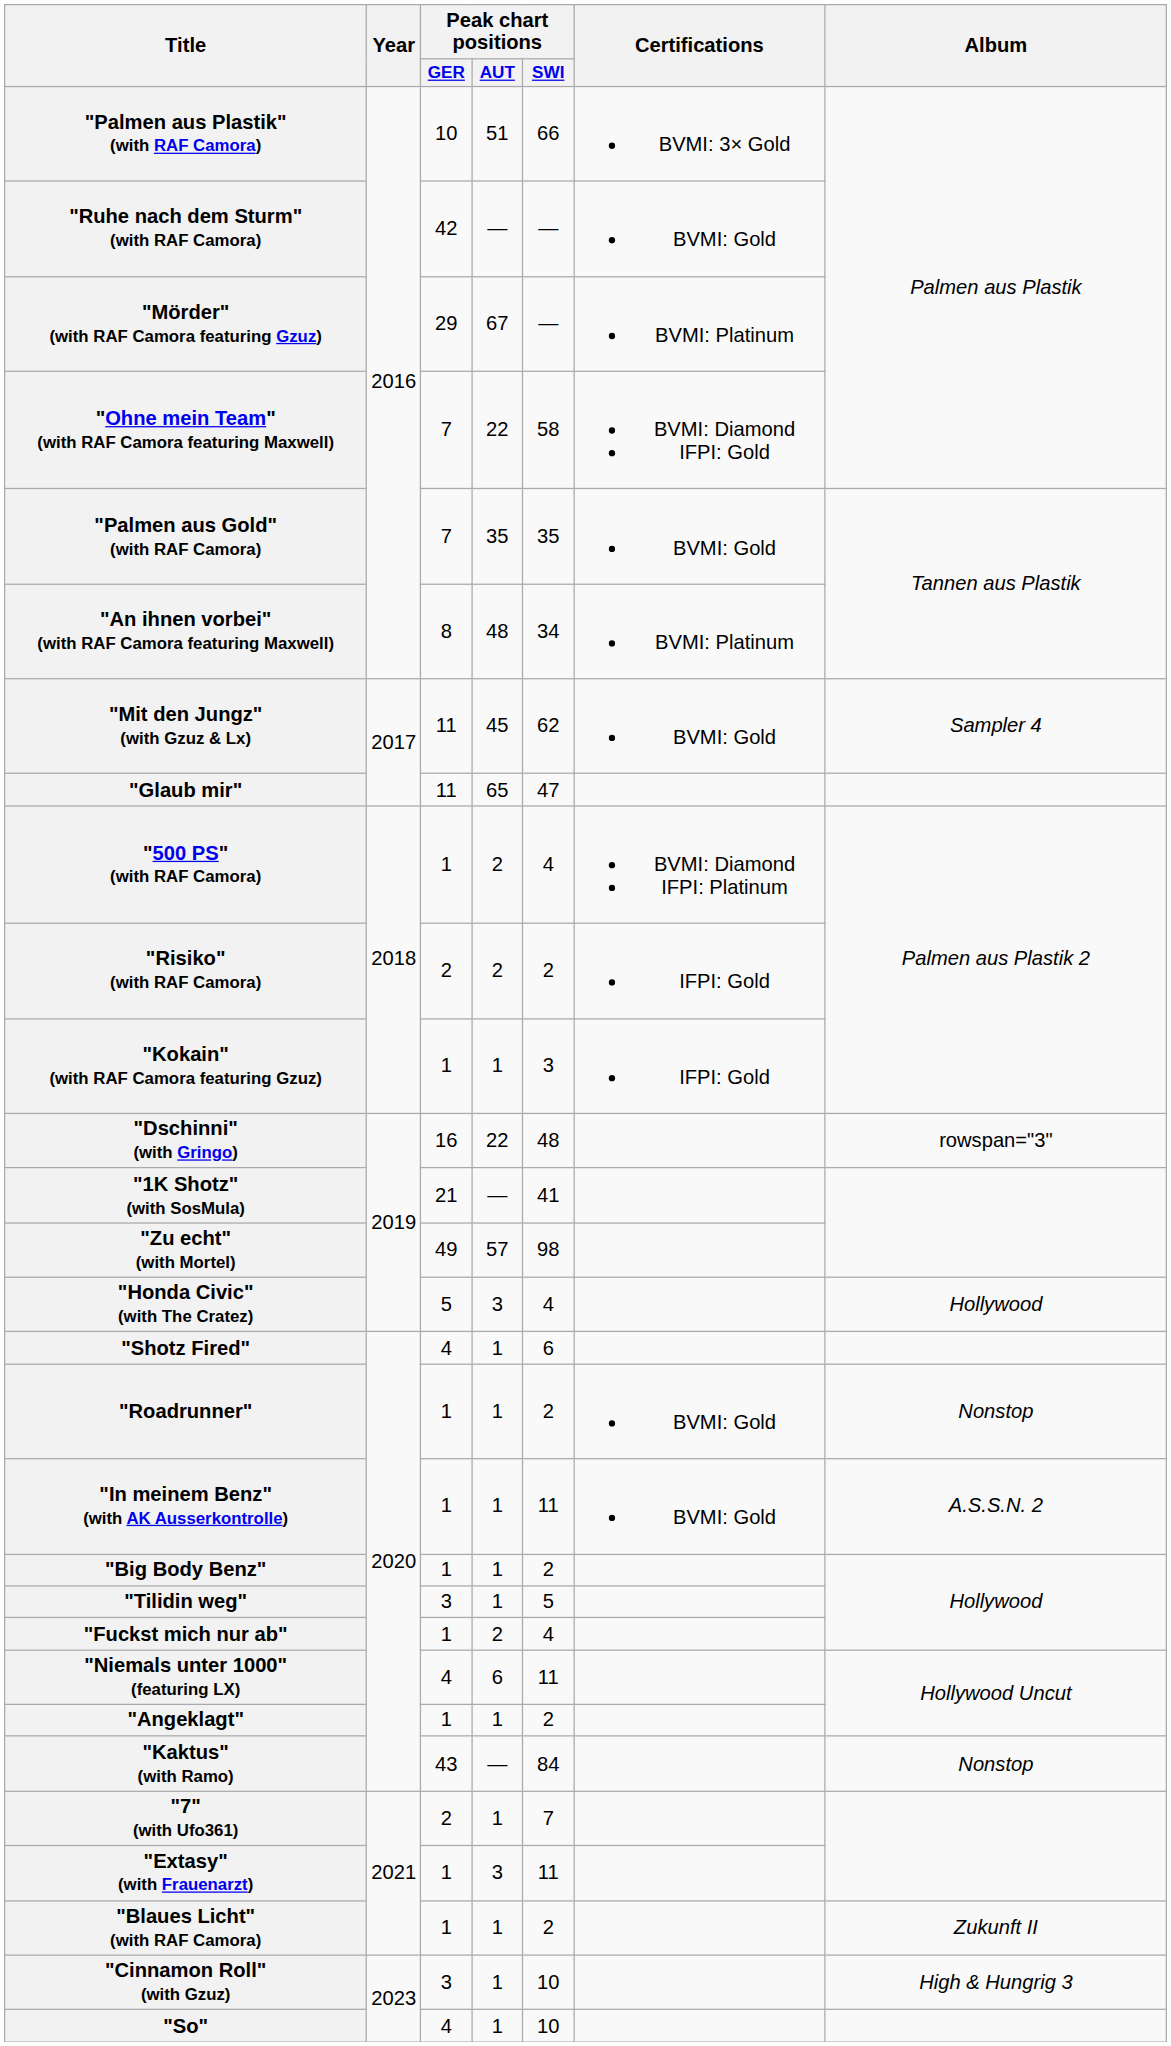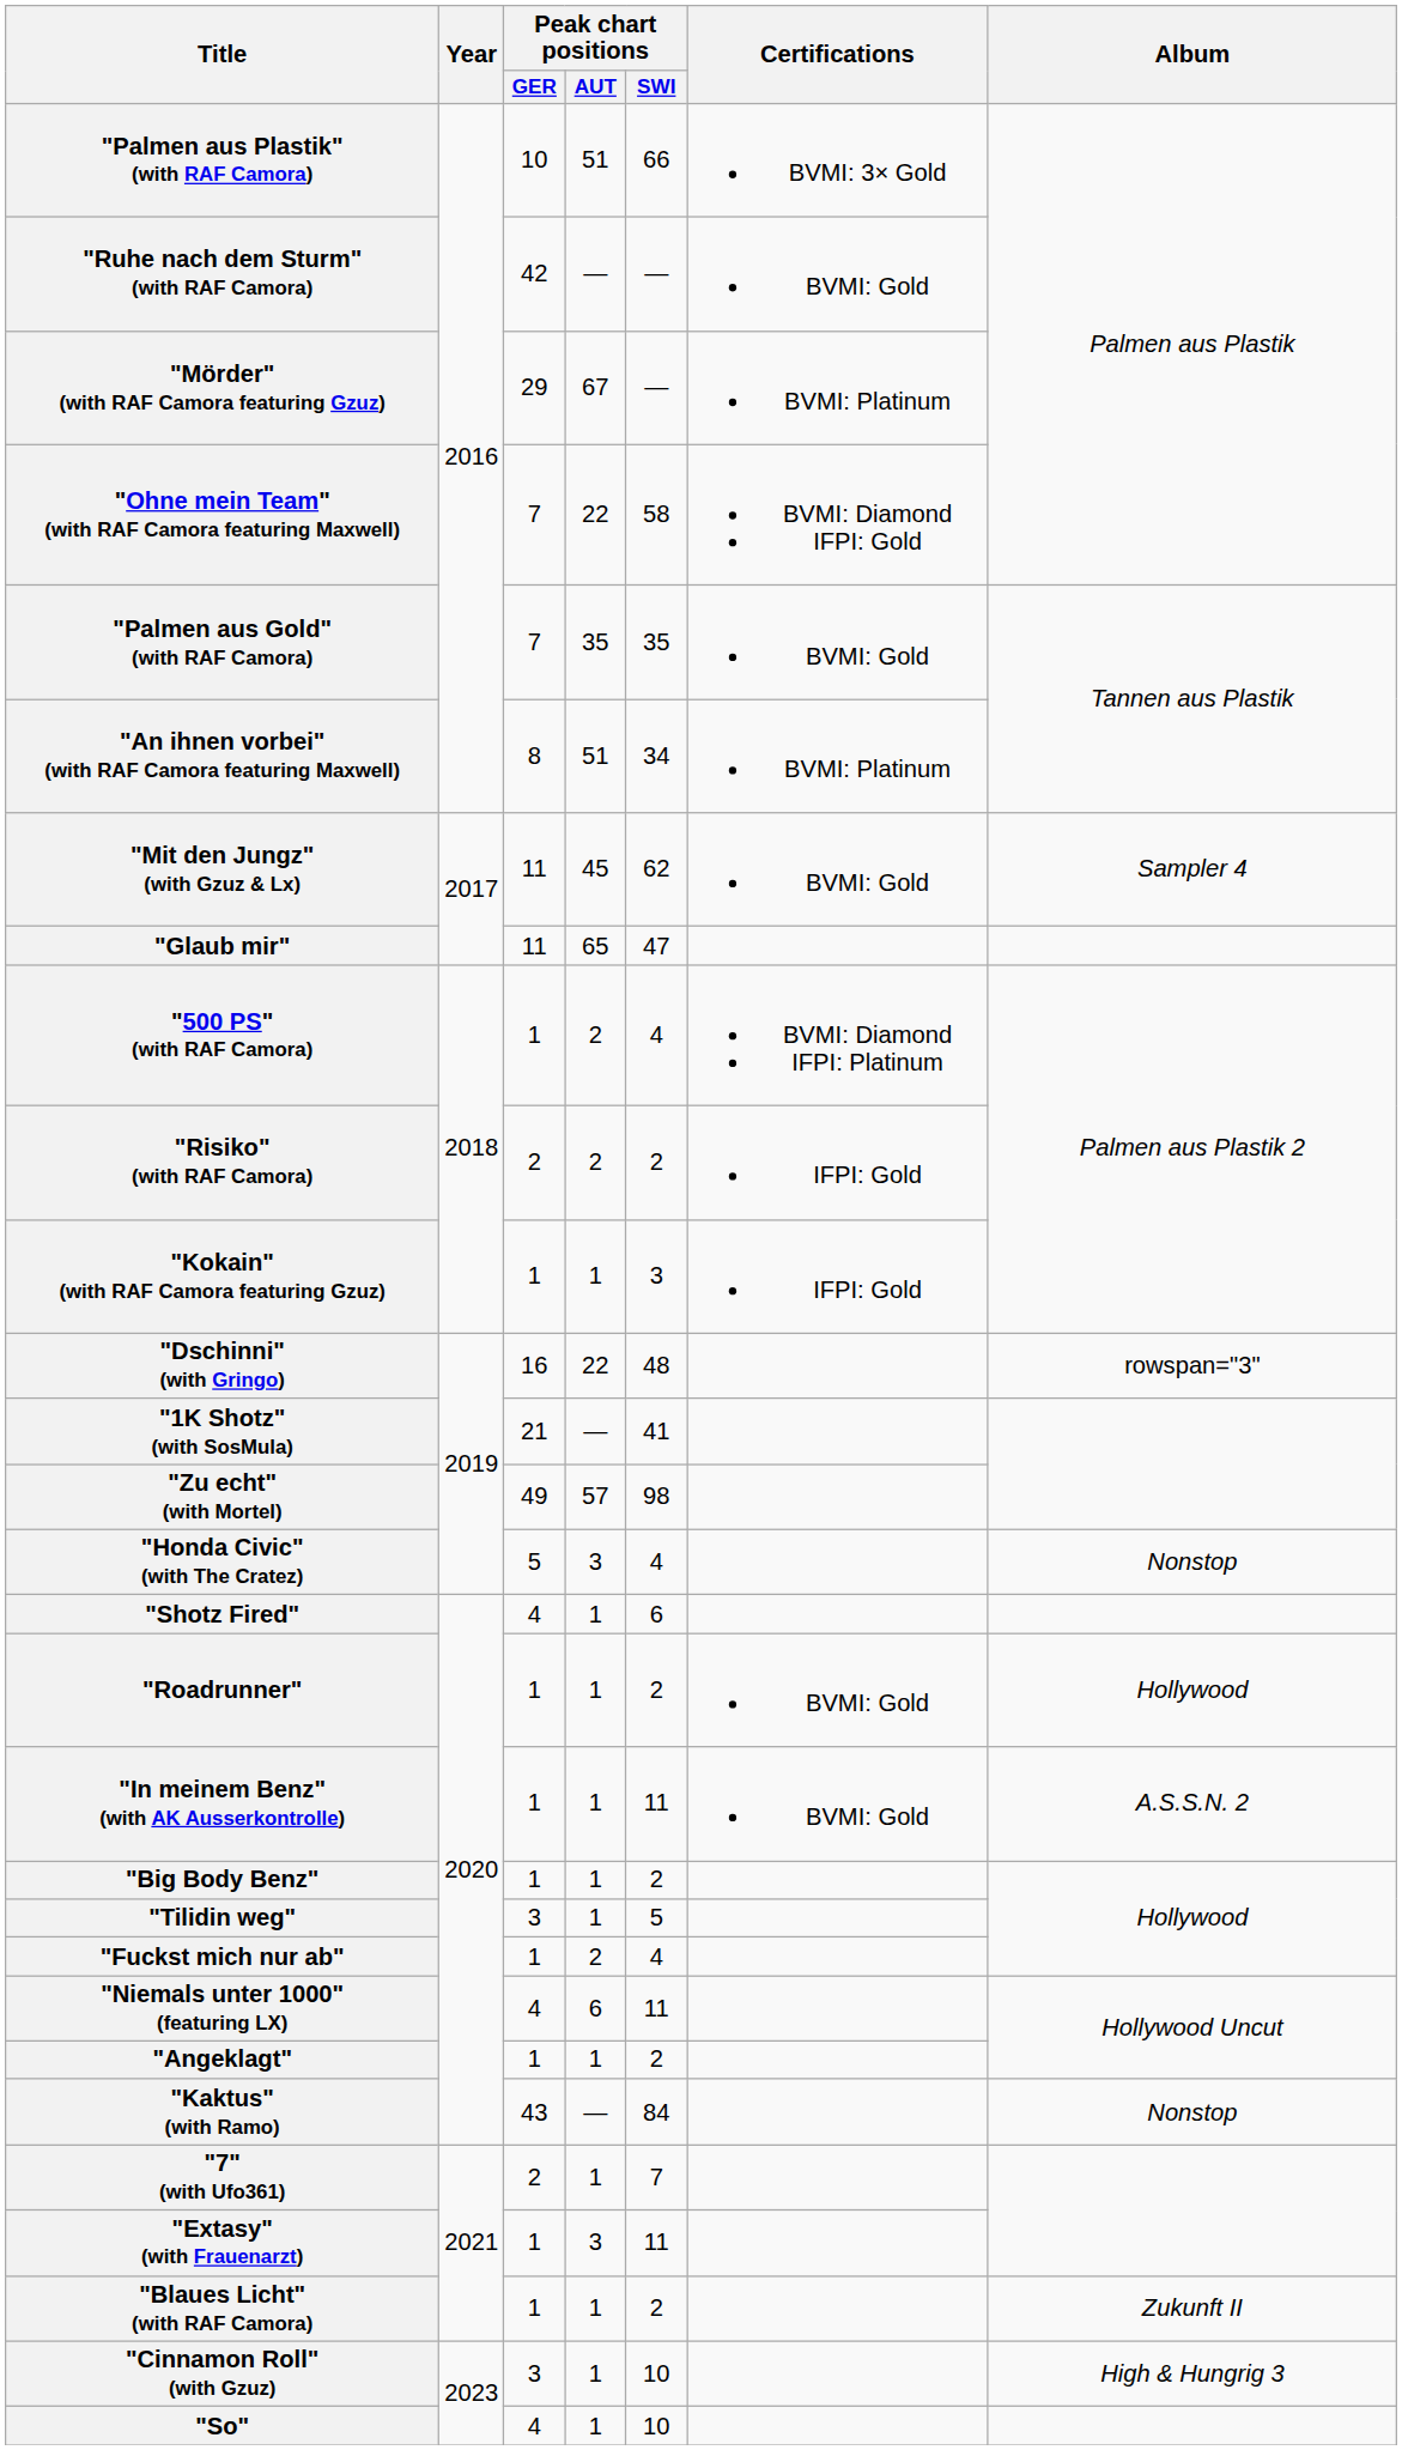 <table class="wikitable plainrowheaders" style="text-align:center;">
 <tr>
 <th scope="col" rowspan="2" style="width:17.5em;">Title</th>
 <th scope="col" rowspan="2" style="width:1em;">Year</th>
 <th scope="col" colspan="3">Peak chart positions</th>
 <th scope="col" rowspan="2" style="width:12em;">Certifications</th>
 <th scope="col" rowspan="2" style="width:16.5em;">Album</th>
 </tr>
 <tr>
 <th style="width:2.5em; font-size:85%"><a href='#'>GER</a><br></th>
 <th style="width:2.5em; font-size:85%"><a href='#'>AUT</a><br></th>
 <th style="width:2.5em; font-size:85%"><a href='#'>SWI</a><br></th>
 </tr>
 <tr>
 <th scope="row">"Palmen aus Plastik"<br><small>(with <a href='#'>RAF Camora</a>)</small></th>
 <td rowspan="6">2016</td>
 <td>10</td>
 <td>51</td>
 <td>66</td>
 <td><br><ul><li>BVMI: 3× Gold</li></ul></td>
 <td rowspan="4"><em>Palmen aus Plastik</em></td>
 </tr>
 <tr>
 <th scope="row">"Ruhe nach dem Sturm"<br><small>(with RAF Camora)</small></th>
 <td>42</td>
 <td>—</td>
 <td>—</td>
 <td><br><ul><li>BVMI: Gold</li></ul></td>
 </tr>
 <tr>
 <th scope="row">"Mörder"<br><small>(with RAF Camora featuring <a href='#'>Gzuz</a>)</small></th>
 <td>29</td>
 <td>67</td>
 <td>—</td>
 <td><br><ul><li>BVMI: Platinum</li></ul></td>
 </tr>
 <tr>
 <th scope="row">"<a href='#'>Ohne mein Team</a>"<br><small>(with RAF Camora featuring Maxwell)</small></th>
 <td>7</td>
 <td>22</td>
 <td>58</td>
 <td><br><ul><li>BVMI: Diamond</li><li>IFPI: Gold</li></ul></td>
 </tr>
 <tr>
 <th scope="row">"Palmen aus Gold"<br><small>(with RAF Camora)</small></th>
 <td>7</td>
 <td>35</td>
 <td>35</td>
 <td><br><ul><li>BVMI: Gold</li></ul></td>
 <td rowspan="2"><em>Tannen aus Plastik</em></td>
 </tr>
 <tr>
 <th scope="row">"An ihnen vorbei"<br><small>(with RAF Camora featuring Maxwell)</small></th>
 <td>8</td>
-<td>48</td>
+<td>51</td>
 <td>34</td>
 <td><br><ul><li>BVMI: Platinum</li></ul></td>
 </tr>
 <tr>
 <th scope="row">"Mit den Jungz"<br><small>(with Gzuz & Lx)</small></th>
 <td rowspan="2">2017</td>
 <td>11</td>
 <td>45</td>
 <td>62</td>
 <td><br><ul><li>BVMI: Gold</li></ul></td>
 <td><em>Sampler 4</em></td>
 </tr>
 <tr>
 <th scope="row">"Glaub mir"</th>
 <td>11</td>
 <td>65</td>
 <td>47</td>
 <td></td>
 <td></td>
 </tr>
 <tr>
 <th scope="row">"<a href='#'>500 PS</a>"<br><small>(with RAF Camora)</small></th>
 <td rowspan="3">2018</td>
 <td>1</td>
 <td>2</td>
 <td>4</td>
 <td><br><ul><li>BVMI: Diamond</li><li>IFPI: Platinum</li></ul></td>
 <td rowspan="3"><em>Palmen aus Plastik 2</em></td>
 </tr>
 <tr>
 <th scope="row">"Risiko"<br><small>(with RAF Camora)</small></th>
 <td>2</td>
 <td>2</td>
 <td>2</td>
 <td><br><ul><li>IFPI: Gold</li></ul></td>
 </tr>
 <tr>
 <th scope="row">"Kokain"<br><small>(with RAF Camora featuring Gzuz)</small></th>
 <td>1</td>
 <td>1</td>
 <td>3</td>
 <td><br><ul><li>IFPI: Gold</li></ul></td>
 </tr>
 <tr>
 <th scope="row">"Dschinni"<br><small>(with <a href='#'>Gringo</a>)</small></th>
 <td rowspan="4">2019</td>
 <td>16</td>
 <td>22</td>
 <td>48</td>
 <td></td>
 <td>rowspan="3" </td>
 </tr>
 <tr>
 <th scope="row">"1K Shotz"<br><small>(with SosMula)</small></th>
 <td>21</td>
 <td>—</td>
 <td>41</td>
 <td></td>
 </tr>
 <tr>
 <th scope="row">"Zu echt"<br><small>(with Mortel)</small></th>
 <td>49</td>
 <td>57</td>
 <td>98</td>
 <td></td>
 </tr>
 <tr>
 <th scope="row">"Honda Civic"<br><small>(with The Cratez)</small></th>
 <td>5</td>
 <td>3</td>
 <td>4</td>
 <td></td>
-<td><em>Hollywood</em></td>
+<td><em>Nonstop</em></td>
 </tr>
 <tr>
 <th scope="row">"Shotz Fired"</th>
 <td rowspan="9">2020</td>
 <td>4</td>
 <td>1</td>
 <td>6</td>
 <td></td>
 <td></td>
 </tr>
 <tr>
 <th scope="row">"Roadrunner"</th>
 <td>1</td>
 <td>1</td>
 <td>2</td>
 <td><br><ul><li>BVMI: Gold</li></ul></td>
-<td><em>Nonstop</em></td>
+<td><em>Hollywood</em></td>
 </tr>
 <tr>
 <th scope="row">"In meinem Benz"<br><small>(with <a href='#'>AK Ausserkontrolle</a>)</small></th>
 <td>1</td>
 <td>1</td>
 <td>11</td>
 <td><br><ul><li>BVMI: Gold</li></ul></td>
 <td><em>A.S.S.N. 2</em></td>
 </tr>
 <tr>
 <th scope="row">"Big Body Benz"</th>
 <td>1</td>
 <td>1</td>
 <td>2</td>
 <td></td>
 <td rowspan="3"><em>Hollywood</em></td>
 </tr>
 <tr>
 <th scope="row">"Tilidin weg"</th>
 <td>3</td>
 <td>1</td>
 <td>5</td>
 <td></td>
 </tr>
 <tr>
 <th scope="row">"Fuckst mich nur ab"</th>
 <td>1</td>
 <td>2</td>
 <td>4</td>
 <td></td>
 </tr>
 <tr>
 <th scope="row">"Niemals unter 1000"<br><small>(featuring LX)</small></th>
 <td>4</td>
 <td>6</td>
 <td>11</td>
 <td></td>
 <td rowspan="2"><em>Hollywood Uncut</em></td>
 </tr>
 <tr>
 <th scope="row">"Angeklagt"</th>
 <td>1</td>
 <td>1</td>
 <td>2</td>
 <td></td>
 </tr>
 <tr>
 <th scope="row">"Kaktus"<br><small>(with Ramo)</small></th>
 <td>43</td>
 <td>—</td>
 <td>84</td>
 <td></td>
 <td><em>Nonstop</em></td>
 </tr>
 <tr>
 <th scope="row">"7"<br><small>(with Ufo361)</small></th>
 <td rowspan="3">2021</td>
 <td>2</td>
 <td>1</td>
 <td>7</td>
 <td></td>
 </tr>
 <tr>
 <th scope="row">"Extasy"<br><small>(with <a href='#'>Frauenarzt</a>)</small></th>
 <td>1</td>
 <td>3</td>
 <td>11</td>
 <td></td>
 </tr>
 <tr>
 <th scope="row">"Blaues Licht"<br><small>(with RAF Camora)</small></th>
 <td>1</td>
 <td>1</td>
 <td>2</td>
 <td></td>
 <td><em>Zukunft II</em></td>
 </tr>
 <tr>
 <th scope="row">"Cinnamon Roll"<br><small>(with Gzuz)</small></th>
 <td rowspan="2">2023</td>
 <td>3</td>
 <td>1</td>
 <td>10</td>
 <td></td>
 <td><em>High & Hungrig 3</em></td>
 </tr>
 <tr>
 <th scope="row">"So"</th>
 <td>4</td>
 <td>1</td>
 <td>10</td>
 <td></td>
 <td></td>
 </tr>
 </table>
